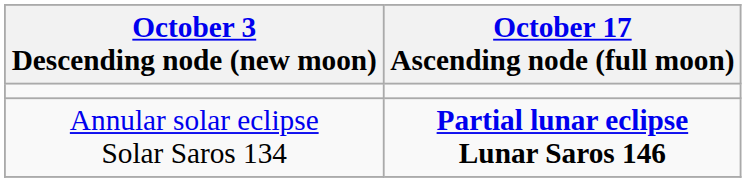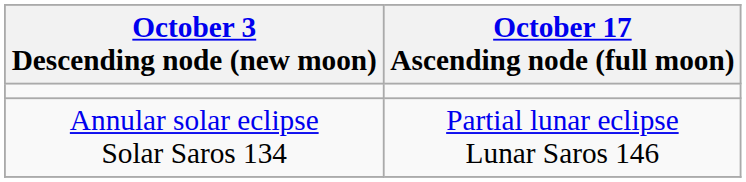 <table class="wikitable">
 <tr>
 <th><a href='#'>October 3</a><br>Descending node (new moon)<br></th>
 <th><a href='#'>October 17</a><br>Ascending node (full moon)<br></th>
 </tr>
 <tr>
 <td></td>
 <td></td>
 </tr>
 <tr align=center>
 <td><a href='#'>Annular solar eclipse</a><br>Solar Saros 134</td>
-<td><strong><a href='#'>Partial lunar eclipse</a><br>Lunar Saros 146</strong></td>
+<td><a href='#'>Partial lunar eclipse</a><br>Lunar Saros 146</td>
 </tr>
 </table>
